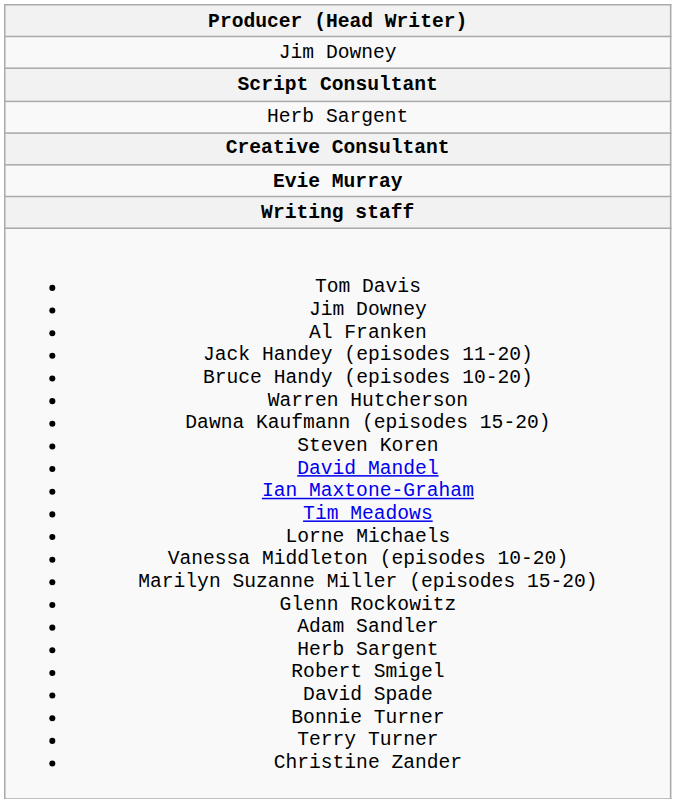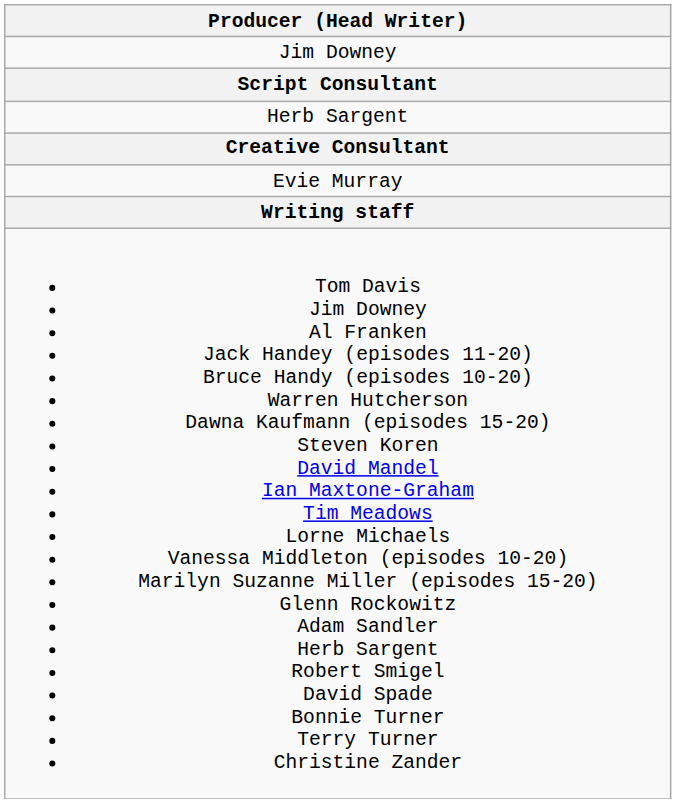 <table class="wikitable plainrowheaders"  style="text-align:center; width:50%;">
 <tr>
 <th><strong>Producer (Head Writer)</strong></th>
 </tr>
 <tr>
 <td>Jim Downey</td>
 </tr>
 <tr>
 <th><strong>Script Consultant</strong></th>
 </tr>
 <tr>
 <td>Herb Sargent</td>
 </tr>
 <tr>
 <th><strong>Creative Consultant</strong></th>
 </tr>
 <tr>
-<td><strong>Evie Murray</strong></td>
+<td>Evie Murray</td>
 </tr>
 <tr>
 <th><strong>Writing staff</strong></th>
 </tr>
 <tr>
 <td><br><ul><li>Tom Davis</li><li>Jim Downey</li><li>Al Franken</li><li>Jack Handey (episodes 11-20)</li><li>Bruce Handy (episodes 10-20)</li><li>Warren Hutcherson</li><li>Dawna Kaufmann (episodes 15-20)</li><li>Steven Koren</li><li><a href='#'>David Mandel</a></li><li><a href='#'>Ian Maxtone-Graham</a></li><li><a href='#'>Tim Meadows</a></li><li>Lorne Michaels</li><li>Vanessa Middleton (episodes 10-20)</li><li>Marilyn Suzanne Miller (episodes 15-20)</li><li>Glenn Rockowitz</li><li>Adam Sandler</li><li>Herb Sargent</li><li>Robert Smigel</li><li>David Spade</li><li>Bonnie Turner</li><li>Terry Turner</li><li>Christine Zander</li></ul></td>
 </tr>
 </table>
